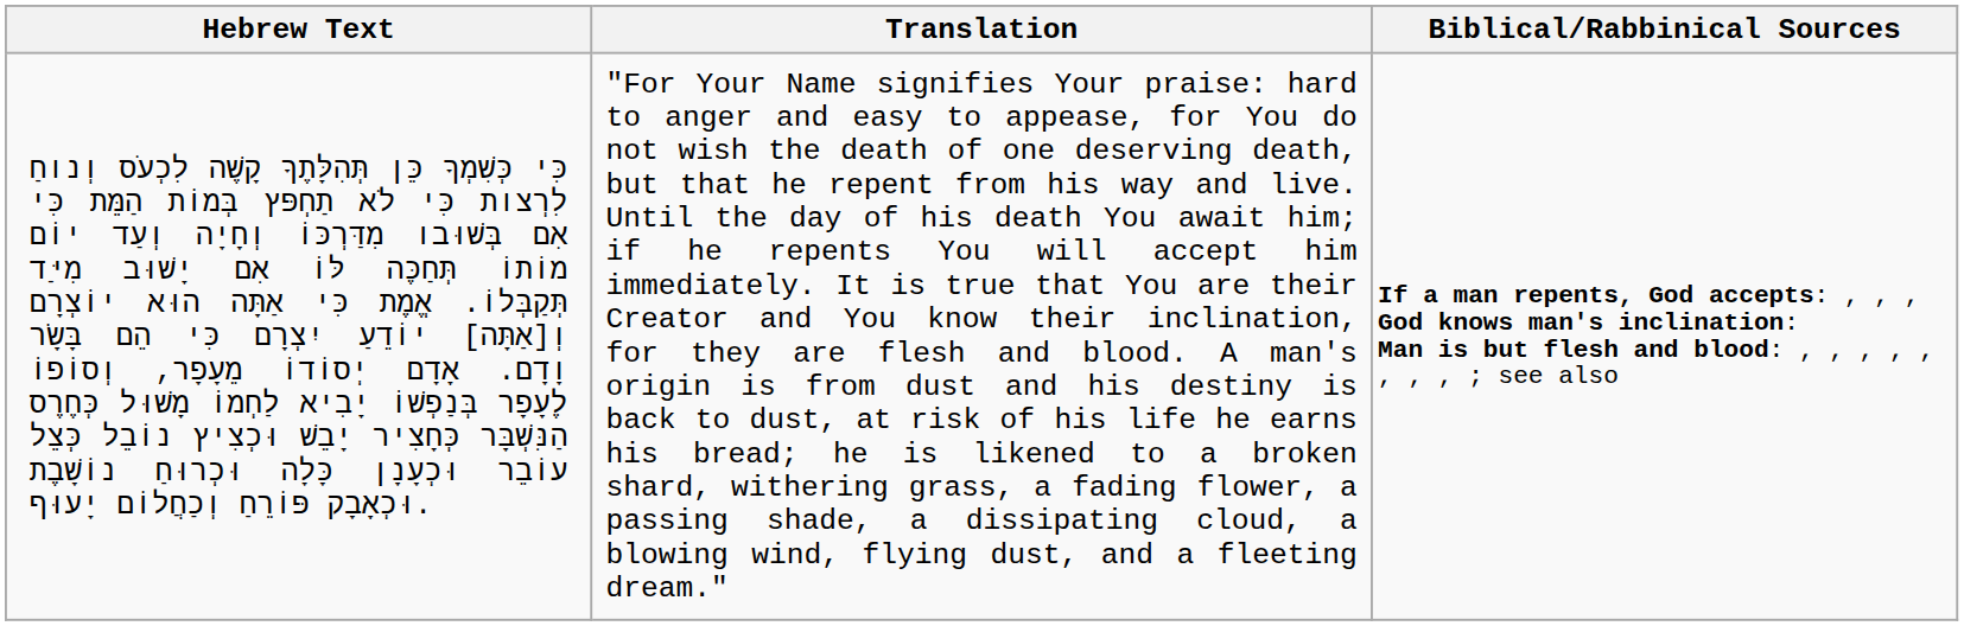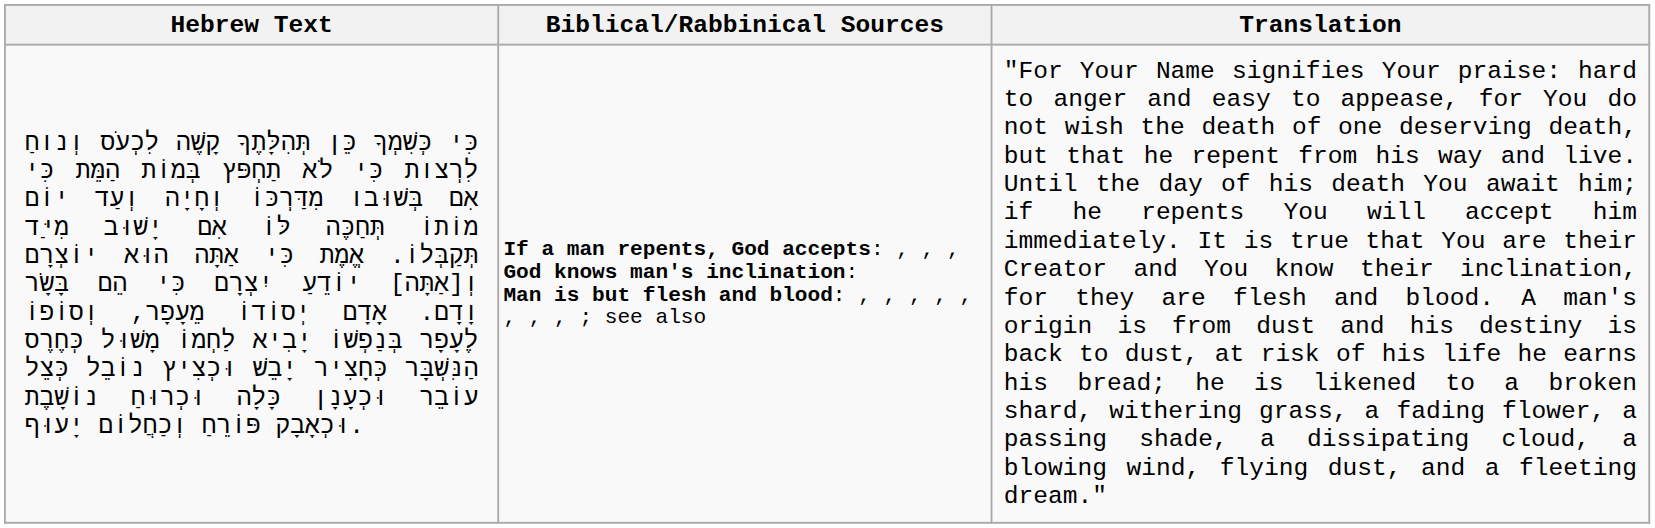 <table class="wikitable">
 <tr>
 <th>Hebrew Text</th>
+<th>Biblical/Rabbinical Sources</th>
 <th>Translation</th>
-<th>Biblical/Rabbinical Sources</th>
 </tr>
 <tr>
 <td style="width:30%; text-align:justify; padding:10px">כִּי כְּשִׁמְךָ כֵּן תְּהִלָּתֶךָ קָשֶׁה לִכְעֹס וְנוחַ לִרְצות כִּי לֹא תַחְפּץ בְּמוֹת הַמֵּת כִּי אִם בְּשׁוּבו מִדַּרְכּוֹ וְחָיָה וְעַד יוֹם מוֹתוֹ תְּחַכֶּה לּוֹ אִם יָשׁוּב מִיַּד תְּקַבְּלוֹ. אֱמֶת כִּי אַתָּה הוּא יוֹצְרָם וְ[אַתָּה] יוֹדֵעַ יִצְרָם כִּי הֵם בָּשָׂר וָדָם.  אָדָם יְסוֹדוֹ מֵעָפָר, וְסוֹפוֹ לֶעָפָר בְּנַפְשׁוֹ יָבִיא לַחְמוֹ מָשׁוּל כְּחֶרֶס הַנִּשְׁבָּר כְּחָצִיר יָבֵשׁ וּכְצִיץ נוֹבֵל כְּצֵל עוֹבֵר וּכְעָנָן כָּלָה וּכְרוּחַ נוֹשָׁבֶת וּכְאָבָק פּוֹרֵחַ וְכַחֲלוֹם יָעוּף.</td>
+<td style="font-size:86%"><strong>If a man repents, God accepts</strong>: , , , <br><strong>God knows man's inclination</strong>:<br><strong>Man is but flesh and blood</strong>: , , , , , , , , ; see also </td>
 <td style="width:40%; text-align:justify;padding:6px">"For Your Name signifies Your praise: hard to anger and easy to appease, for You do not wish the death of one deserving death, but that he repent from his way and live. Until the day of his death You await him; if he repents You will accept him immediately. It is true that You are their Creator and You know their inclination, for they are flesh and blood. A man's origin is from dust and his destiny is back to dust, at risk of his life he earns his bread; he is likened to a broken shard, withering grass, a fading flower, a passing shade, a dissipating cloud, a blowing wind, flying dust, and a fleeting dream."</td>
-<td style="font-size:86%"><strong>If a man repents, God accepts</strong>: , , , <br><strong>God knows man's inclination</strong>:<br><strong>Man is but flesh and blood</strong>: , , , , , , , , ; see also </td>
 </tr>
 </table>
